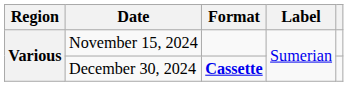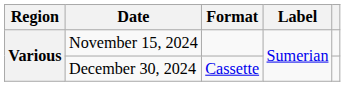 <table class="wikitable plainrowheaders">
 <tr>
 <th scope="col">Region</th>
 <th scope="col">Date</th>
 <th scope="col">Format</th>
 <th scope="col">Label</th>
 <th scope="col"></th>
 </tr>
 <tr>
 <th rowspan="2" scope="row">Various</th>
 <td>November 15, 2024</td>
 <td></td>
 <td rowspan="2"><a href='#'>Sumerian</a></td>
 <td></td>
 </tr>
 <tr>
 <td>December 30, 2024</td>
-<td><strong><a href='#'>Cassette</a></strong></td>
+<td><a href='#'>Cassette</a></td>
 <td></td>
 </tr>
 </table>
